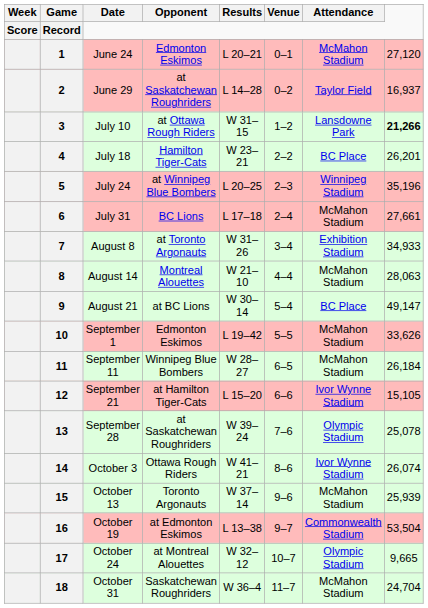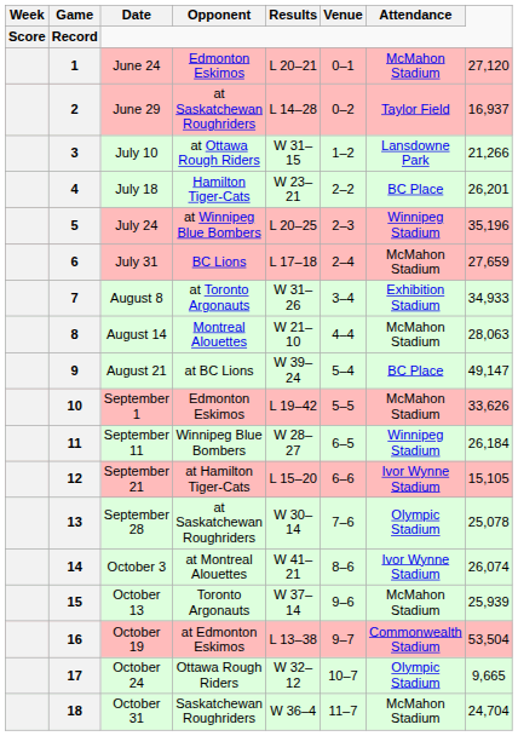 <table class="wikitable" style="text-align:center">
 <tr>
 <th>Week</th>
 <th>Game</th>
 <th>Date</th>
 <th>Opponent</th>
 <th>Results</th>
 <th>Venue</th>
 <th>Attendance</th>
 </tr>
 <tr>
 <th>Score</th>
 <th>Record</th>
 </tr>
 <tr style="background:#ffbbbb">
 <th></th>
 <th>1</th>
 <td>June 24</td>
 <td><a href='#'>Edmonton Eskimos</a></td>
 <td>L 20–21</td>
 <td>0–1</td>
 <td><a href='#'>McMahon Stadium</a></td>
 <td>27,120</td>
 </tr>
 <tr style="background:#ffbbbb">
 <th></th>
 <th>2</th>
 <td>June 29</td>
 <td>at <a href='#'>Saskatchewan Roughriders</a></td>
 <td>L 14–28</td>
 <td>0–2</td>
 <td><a href='#'>Taylor Field</a></td>
 <td>16,937</td>
 </tr>
 <tr style="background:#ddffdd">
 <th></th>
 <th>3</th>
 <td>July 10</td>
 <td>at <a href='#'>Ottawa Rough Riders</a></td>
 <td>W 31–15</td>
 <td>1–2</td>
 <td><a href='#'>Lansdowne Park</a></td>
-<td><strong>21,266</strong></td>
+<td>21,266</td>
 </tr>
 <tr style="background:#ddffdd">
 <th></th>
 <th>4</th>
 <td>July 18</td>
 <td><a href='#'>Hamilton Tiger-Cats</a></td>
 <td>W 23–21</td>
 <td>2–2</td>
 <td><a href='#'>BC Place</a></td>
 <td>26,201</td>
 </tr>
 <tr style="background:#ffbbbb">
 <th></th>
 <th>5</th>
 <td>July 24</td>
 <td>at <a href='#'>Winnipeg Blue Bombers</a></td>
 <td>L 20–25</td>
 <td>2–3</td>
 <td><a href='#'>Winnipeg Stadium</a></td>
 <td>35,196</td>
 </tr>
 <tr style="background:#ffbbbb">
 <th></th>
 <th>6</th>
 <td>July 31</td>
 <td><a href='#'>BC Lions</a></td>
 <td>L 17–18</td>
 <td>2–4</td>
 <td>McMahon Stadium</td>
-<td>27,661</td>
+<td>27,659</td>
 </tr>
 <tr style="background:#ddffdd">
 <th></th>
 <th>7</th>
 <td>August 8</td>
 <td>at <a href='#'>Toronto Argonauts</a></td>
 <td>W 31–26</td>
 <td>3–4</td>
 <td><a href='#'>Exhibition Stadium</a></td>
 <td>34,933</td>
 </tr>
 <tr style="background:#ddffdd">
 <th></th>
 <th>8</th>
 <td>August 14</td>
 <td><a href='#'>Montreal Alouettes</a></td>
 <td>W 21–10</td>
 <td>4–4</td>
 <td>McMahon Stadium</td>
 <td>28,063</td>
 </tr>
 <tr style="background:#ddffdd">
 <th></th>
 <th>9</th>
 <td>August 21</td>
 <td>at BC Lions</td>
-<td>W 30–14</td>
+<td>W 39–24</td>
 <td>5–4</td>
 <td><a href='#'>BC Place</a></td>
 <td>49,147</td>
 </tr>
 <tr style="background:#ffbbbb">
 <th></th>
 <th>10</th>
 <td>September 1</td>
 <td>Edmonton Eskimos</td>
 <td>L 19–42</td>
 <td>5–5</td>
 <td>McMahon Stadium</td>
 <td>33,626</td>
 </tr>
 <tr style="background:#ddffdd">
 <th></th>
 <th>11</th>
 <td>September 11</td>
 <td>Winnipeg Blue Bombers</td>
 <td>W 28–27</td>
 <td>6–5</td>
-<td>McMahon Stadium</td>
+<td><a href='#'>Winnipeg Stadium</a></td>
 <td>26,184</td>
 </tr>
 <tr style="background:#ffbbbb">
 <th></th>
 <th>12</th>
 <td>September 21</td>
 <td>at Hamilton Tiger-Cats</td>
 <td>L 15–20</td>
 <td>6–6</td>
 <td><a href='#'>Ivor Wynne Stadium</a></td>
 <td>15,105</td>
 </tr>
 <tr style="background:#ddffdd">
 <th></th>
 <th>13</th>
 <td>September 28</td>
 <td>at Saskatchewan Roughriders</td>
-<td>W 39–24</td>
+<td>W 30–14</td>
 <td>7–6</td>
 <td><a href='#'>Olympic Stadium</a></td>
 <td>25,078</td>
 </tr>
 <tr style="background:#ddffdd">
 <th></th>
 <th>14</th>
 <td>October 3</td>
-<td>Ottawa Rough Riders</td>
+<td>at Montreal Alouettes</td>
 <td>W 41–21</td>
 <td>8–6</td>
 <td><a href='#'>Ivor Wynne Stadium</a></td>
 <td>26,074</td>
 </tr>
 <tr style="background:#ddffdd">
 <th></th>
 <th>15</th>
 <td>October 13</td>
 <td>Toronto Argonauts</td>
 <td>W 37–14</td>
 <td>9–6</td>
 <td>McMahon Stadium</td>
 <td>25,939</td>
 </tr>
 <tr style="background:#ffbbbb">
 <th></th>
 <th>16</th>
 <td>October 19</td>
 <td>at Edmonton Eskimos</td>
 <td>L 13–38</td>
 <td>9–7</td>
 <td><a href='#'>Commonwealth Stadium</a></td>
 <td>53,504</td>
 </tr>
 <tr style="background:#ddffdd">
 <th></th>
 <th>17</th>
 <td>October 24</td>
-<td>at Montreal Alouettes</td>
+<td>Ottawa Rough Riders</td>
 <td>W 32–12</td>
 <td>10–7</td>
 <td><a href='#'>Olympic Stadium</a></td>
 <td>9,665</td>
 </tr>
 <tr style="background:#ddffdd">
 <th></th>
 <th>18</th>
 <td>October 31</td>
 <td>Saskatchewan Roughriders</td>
 <td>W 36–4</td>
 <td>11–7</td>
 <td>McMahon Stadium</td>
 <td>24,704</td>
 </tr>
 </table>
